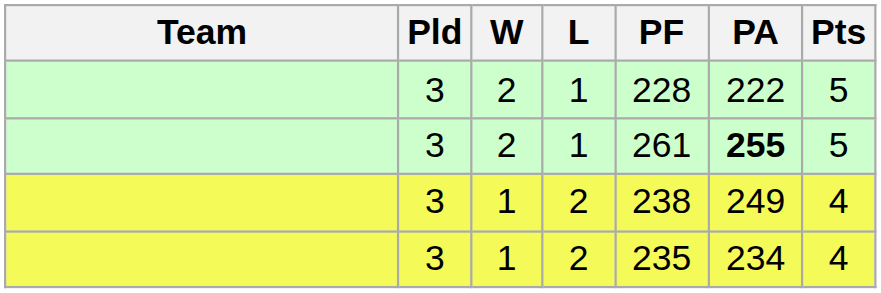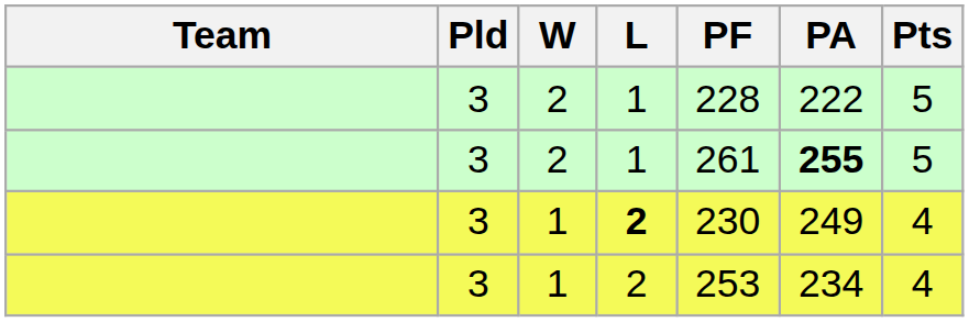 <table class="wikitable" style="text-align:center;">
 <tr>
 <th width=170>Team</th>
 <th width=25>Pld</th>
 <th width=25>W</th>
 <th width=25>L</th>
 <th width=35>PF</th>
 <th width=35>PA</th>
 <th width=25>Pts</th>
 </tr>
 <tr bgcolor=#ccffcc>
 <td align="left"></td>
 <td>3</td>
 <td>2</td>
 <td>1</td>
 <td>228</td>
 <td>222</td>
 <td>5</td>
 </tr>
 <tr bgcolor=#ccffcc>
 <td align="left"></td>
 <td>3</td>
 <td>2</td>
 <td>1</td>
 <td>261</td>
 <td><strong>255</strong></td>
 <td>5</td>
 </tr>
 <tr bgcolor=#F4FA58>
 <td align="left"></td>
 <td>3</td>
 <td>1</td>
-<td>2</td>
-<td>238</td>
+<td><strong>2</strong></td>
+<td>230</td>
 <td>249</td>
 <td>4</td>
 </tr>
 <tr bgcolor=#F4FA58>
 <td align="left"></td>
 <td>3</td>
 <td>1</td>
 <td>2</td>
-<td>235</td>
+<td>253</td>
 <td>234</td>
 <td>4</td>
 </tr>
 </table>
